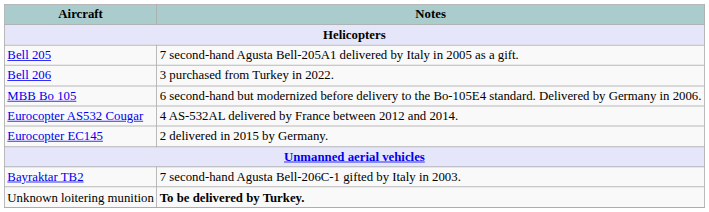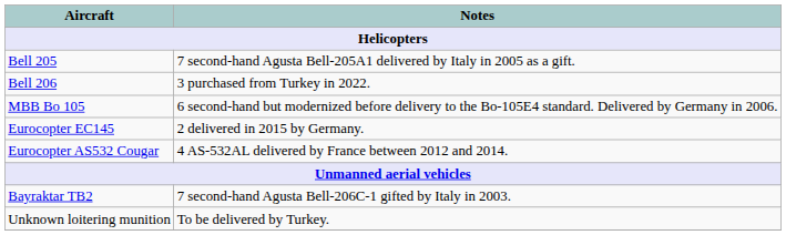 <table class="wikitable">
 <tr>
 <th style="text-align:center; background:#acc;">Aircraft</th>
 <th style="text-align: center; background:#acc;">Notes</th>
 </tr>
 <tr>
 <th colspan="2" style="align: center; background: lavender;">Helicopters</th>
 </tr>
 <tr>
 <td><a href='#'>Bell 205</a></td>
 <td>7 second-hand Agusta Bell-205A1 delivered by Italy in 2005 as a gift.</td>
 </tr>
 <tr>
 <td><a href='#'>Bell 206</a></td>
 <td>3 purchased from Turkey in 2022.</td>
 </tr>
 <tr>
 <td><a href='#'>MBB Bo 105</a></td>
 <td>6 second-hand but modernized before delivery to the Bo-105E4 standard. Delivered by Germany in 2006.</td>
 </tr>
 <tr>
+<td><a href='#'>Eurocopter EC145</a></td>
+<td>2 delivered in 2015 by Germany.</td>
+</tr>
+<tr>
 <td><a href='#'>Eurocopter AS532 Cougar</a></td>
 <td>4 AS-532AL delivered by France between 2012 and 2014.</td>
-</tr>
-<tr>
-<td><a href='#'>Eurocopter EC145</a></td>
-<td>2 delivered in 2015 by Germany.</td>
 </tr>
 <tr>
 <th colspan="2" style="align: center; background: lavender;"><a href='#'>Unmanned aerial vehicles</a></th>
 </tr>
 <tr>
 <td><a href='#'>Bayraktar TB2</a></td>
 <td>7 second-hand Agusta Bell-206C-1 gifted by Italy in 2003.</td>
 </tr>
 <tr>
 <td>Unknown loitering munition</td>
-<td><strong>To be delivered by Turkey.</strong></td>
+<td>To be delivered by Turkey.</td>
 </tr>
 <tr>
 </tr>
 </table>
